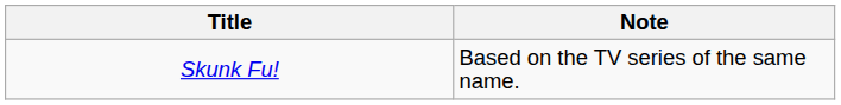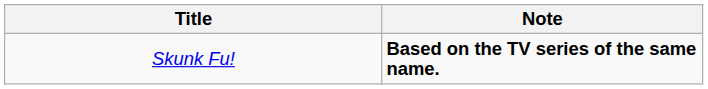 <table class="wikitable sortable">
 <tr>
 <th width=321>Title</th>
 <th>Note</th>
 </tr>
 <tr>
 <td style="text-align:center;"><em><a href='#'>Skunk Fu!</a></em></td>
-<td>Based on the TV series of the same name.</td>
+<td><strong>Based on the TV series of the same name.</strong></td>
 </tr>
 </table>
